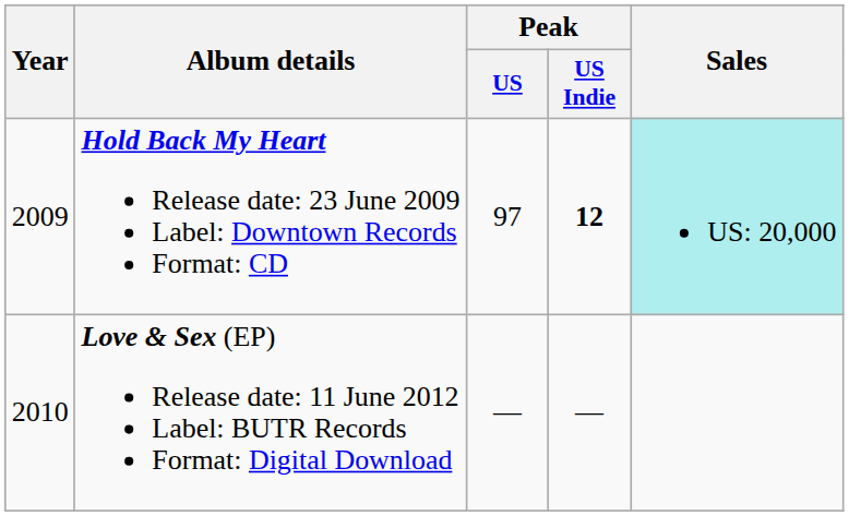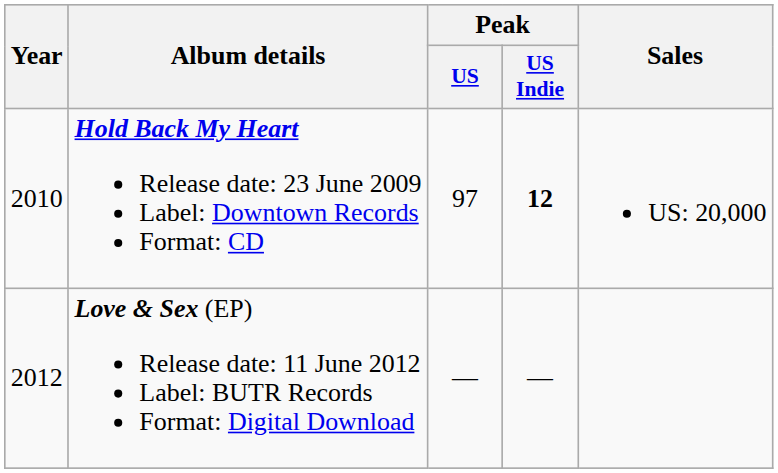 <table class="wikitable" style="text-align:center;">
 <tr>
 <th rowspan="2">Year</th>
 <th rowspan="2">Album details</th>
 <th colspan="2">Peak</th>
 <th rowspan="2">Sales</th>
 </tr>
 <tr style="font-size:smaller;">
 <th style="width:40px;"><a href='#'>US</a></th>
 <th style="width:40px;"><a href='#'>US<br>Indie</a></th>
 </tr>
 <tr>
-<td>2009</td>
+<td>2010</td>
 <td style="text-align:left;"><strong><em><a href='#'>Hold Back My Heart</a></em></strong><br><ul><li>Release date: 23 June 2009</li><li>Label: <a href='#'>Downtown Records</a></li><li>Format: <a href='#'>CD</a></li></ul></td>
 <td>97</td>
 <td><strong>12</strong></td>
-<td style="background: paleturquoise; text-align:left;"><br><ul><li>US: 20,000</li></ul></td>
+<td style="text-align:left;"><br><ul><li>US: 20,000</li></ul></td>
 </tr>
 <tr>
-<td>2010</td>
+<td>2012</td>
 <td style="text-align:left;"><strong><em>Love & Sex</em></strong> (EP)<br><ul><li>Release date: 11 June 2012</li><li>Label: BUTR Records</li><li>Format: <a href='#'>Digital Download</a></li></ul></td>
 <td>—</td>
 <td>—</td>
 <td></td>
 </tr>
 </table>
